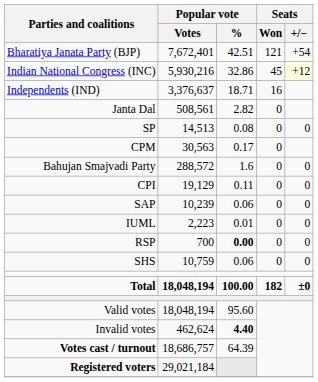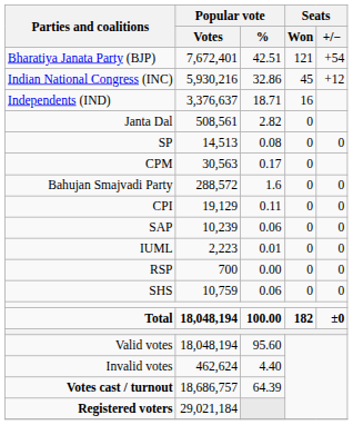 <table class="wikitable" style="text-align:right; font-size:95%;">
 <tr>
 <th rowspan="2">Parties and coalitions</th>
 <th colspan="2">Popular vote</th>
 <th colspan="2">Seats</th>
 </tr>
 <tr>
 <th width="70">Votes</th>
 <th width="45">%</th>
 <th width="30">Won</th>
 <th width="30">+/−</th>
 </tr>
 <tr>
 <td align="left"><a href='#'>Bharatiya Janata Party</a> (BJP)</td>
 <td>7,672,401</td>
 <td>42.51</td>
 <td>121</td>
 <td>+54</td>
 </tr>
 <tr>
 <td align="left"><a href='#'>Indian National Congress</a> (INC)</td>
 <td>5,930,216</td>
 <td>32.86</td>
 <td>45</td>
-<td style="background: lightyellow;">+12</td>
+<td>+12</td>
 </tr>
 <tr>
 <td align="left"><a href='#'>Independents</a> (IND)</td>
 <td>3,376,637</td>
 <td>18.71</td>
 <td>16</td>
 <td></td>
 </tr>
 <tr>
 <td>Janta Dal</td>
 <td>508,561</td>
 <td>2.82</td>
 <td>0</td>
 <td></td>
 </tr>
 <tr>
 <td>SP</td>
 <td>14,513</td>
 <td>0.08</td>
 <td>0</td>
 <td>0</td>
 </tr>
 <tr>
 <td>CPM</td>
 <td>30,563</td>
 <td>0.17</td>
 <td>0</td>
 <td></td>
 </tr>
 <tr>
 <td>Bahujan Smajvadi Party</td>
 <td>288,572</td>
 <td>1.6</td>
 <td>0</td>
 <td>0</td>
 </tr>
 <tr>
 <td>CPI</td>
 <td>19,129</td>
 <td>0.11</td>
 <td>0</td>
 <td>0</td>
 </tr>
 <tr>
 <td>SAP</td>
 <td>10,239</td>
 <td>0.06</td>
 <td>0</td>
 <td>0</td>
 </tr>
 <tr>
 <td>IUML</td>
 <td>2,223</td>
 <td>0.01</td>
 <td>0</td>
 <td>0</td>
 </tr>
 <tr>
 <td>RSP</td>
 <td>700</td>
-<td><strong>0.00</strong></td>
+<td>0.00</td>
 <td>0</td>
 <td>0</td>
 </tr>
 <tr>
 <td>SHS</td>
 <td>10,759</td>
 <td>0.06</td>
 <td>0</td>
 <td>0</td>
 </tr>
 <tr>
 <td colspan="5"></td>
 </tr>
 <tr style="font-weight:bold;">
 <td>Total</td>
 <td>18,048,194</td>
 <td>100.00</td>
 <td>182</td>
 <td>±0</td>
 </tr>
 <tr>
 <th colspan="7"></th>
 </tr>
 <tr>
 <td>Valid votes</td>
 <td align="right">18,048,194</td>
 <td align="right">95.60</td>
 <td colspan="3" rowspan="4"></td>
 </tr>
 <tr>
 <td>Invalid votes</td>
 <td align="right">462,624</td>
-<td align="right"><strong>4.40</strong></td>
+<td align="right">4.40</td>
 </tr>
 <tr>
 <td><strong>Votes cast / turnout</strong></td>
 <td align="right">18,686,757</td>
 <td align="right">64.39</td>
 </tr>
 <tr>
 <td><strong>Registered voters</strong></td>
 <td align="right">29,021,184</td>
 <td colspan="1" style="background-color:#E9E9E9"></td>
 </tr>
 <tr>
 </tr>
 </table>
